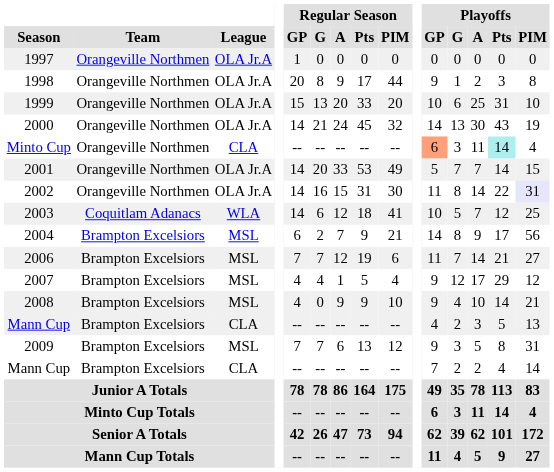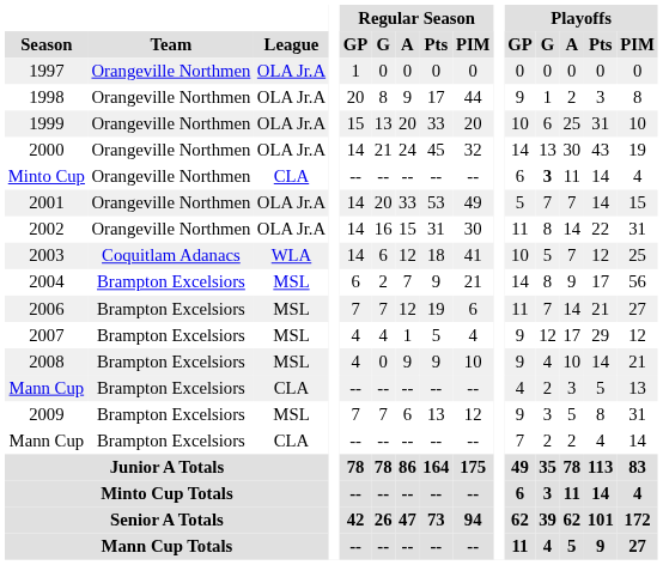 <table BORDER="0" CELLPADDING="3" CELLSPACING="0">
 <tr ALIGN="center" bgcolor="#e0e0e0">
 <th colspan="3" bgcolor="#ffffff"> </th>
 <th rowspan="99" bgcolor="#ffffff"> </th>
 <th colspan="5">Regular Season</th>
 <th rowspan="99" bgcolor="#ffffff"> </th>
 <th colspan="5">Playoffs</th>
 </tr>
 <tr ALIGN="center" bgcolor="#e0e0e0">
 <th>Season</th>
 <th>Team</th>
 <th>League</th>
 <th>GP</th>
 <th>G</th>
 <th>A</th>
 <th>Pts</th>
 <th>PIM</th>
 <th>GP</th>
 <th>G</th>
 <th>A</th>
 <th>Pts</th>
 <th>PIM</th>
 </tr>
 <tr ALIGN="center" bgcolor="#f0f0f0">
 <td>1997</td>
 <td><a href='#'>Orangeville Northmen</a></td>
 <td><a href='#'>OLA Jr.A</a></td>
 <td>1</td>
 <td>0</td>
 <td>0</td>
 <td>0</td>
 <td>0</td>
 <td>0</td>
 <td>0</td>
 <td>0</td>
 <td>0</td>
 <td>0</td>
 </tr>
 <tr ALIGN="center">
 <td>1998</td>
 <td>Orangeville Northmen</td>
 <td>OLA Jr.A</td>
 <td>20</td>
 <td>8</td>
 <td>9</td>
 <td>17</td>
 <td>44</td>
 <td>9</td>
 <td>1</td>
 <td>2</td>
 <td>3</td>
 <td>8</td>
 </tr>
 <tr ALIGN="center" bgcolor="#f0f0f0">
 <td>1999</td>
 <td>Orangeville Northmen</td>
 <td>OLA Jr.A</td>
 <td>15</td>
 <td>13</td>
 <td>20</td>
 <td>33</td>
 <td>20</td>
 <td>10</td>
 <td>6</td>
 <td>25</td>
 <td>31</td>
 <td>10</td>
 </tr>
 <tr ALIGN="center">
 <td>2000</td>
 <td>Orangeville Northmen</td>
 <td>OLA Jr.A</td>
 <td>14</td>
 <td>21</td>
 <td>24</td>
 <td>45</td>
 <td>32</td>
 <td>14</td>
 <td>13</td>
 <td>30</td>
 <td>43</td>
 <td>19</td>
 </tr>
 <tr ALIGN="center">
 <td><a href='#'>Minto Cup</a></td>
 <td>Orangeville Northmen</td>
 <td><a href='#'>CLA</a></td>
 <td>--</td>
 <td>--</td>
 <td>--</td>
 <td>--</td>
 <td>--</td>
-<td style="background: lightsalmon;">6</td>
-<td>3</td>
+<td>6</td>
+<td><strong>3</strong></td>
 <td>11</td>
-<td style="background: paleturquoise;">14</td>
+<td>14</td>
 <td>4</td>
 </tr>
 <tr ALIGN="center" bgcolor="#f0f0f0">
 <td>2001</td>
 <td>Orangeville Northmen</td>
 <td>OLA Jr.A</td>
 <td>14</td>
 <td>20</td>
 <td>33</td>
 <td>53</td>
 <td>49</td>
 <td>5</td>
 <td>7</td>
 <td>7</td>
 <td>14</td>
 <td>15</td>
 </tr>
 <tr ALIGN="center">
 <td>2002</td>
 <td>Orangeville Northmen</td>
 <td>OLA Jr.A</td>
 <td>14</td>
 <td>16</td>
 <td>15</td>
 <td>31</td>
 <td>30</td>
 <td>11</td>
 <td>8</td>
 <td>14</td>
 <td>22</td>
-<td style="background: lavender;">31</td>
+<td>31</td>
 </tr>
 <tr ALIGN="center" bgcolor="#f0f0f0">
 <td>2003</td>
 <td><a href='#'>Coquitlam Adanacs</a></td>
 <td><a href='#'>WLA</a></td>
 <td>14</td>
 <td>6</td>
 <td>12</td>
 <td>18</td>
 <td>41</td>
 <td>10</td>
 <td>5</td>
 <td>7</td>
 <td>12</td>
 <td>25</td>
 </tr>
 <tr ALIGN="center">
 <td>2004</td>
 <td><a href='#'>Brampton Excelsiors</a></td>
 <td><a href='#'>MSL</a></td>
 <td>6</td>
 <td>2</td>
 <td>7</td>
 <td>9</td>
 <td>21</td>
 <td>14</td>
 <td>8</td>
 <td>9</td>
 <td>17</td>
 <td>56</td>
 </tr>
 <tr ALIGN="center" bgcolor="#f0f0f0">
 <td>2006</td>
 <td>Brampton Excelsiors</td>
 <td>MSL</td>
 <td>7</td>
 <td>7</td>
 <td>12</td>
 <td>19</td>
 <td>6</td>
 <td>11</td>
 <td>7</td>
 <td>14</td>
 <td>21</td>
 <td>27</td>
 </tr>
 <tr ALIGN="center">
 <td>2007</td>
 <td>Brampton Excelsiors</td>
 <td>MSL</td>
 <td>4</td>
 <td>4</td>
 <td>1</td>
 <td>5</td>
 <td>4</td>
 <td>9</td>
 <td>12</td>
 <td>17</td>
 <td>29</td>
 <td>12</td>
 </tr>
 <tr ALIGN="center" bgcolor="#f0f0f0">
 <td>2008</td>
 <td>Brampton Excelsiors</td>
 <td>MSL</td>
 <td>4</td>
 <td>0</td>
 <td>9</td>
 <td>9</td>
 <td>10</td>
 <td>9</td>
 <td>4</td>
 <td>10</td>
 <td>14</td>
 <td>21</td>
 </tr>
 <tr ALIGN="center" bgcolor="#f0f0f0">
 <td><a href='#'>Mann Cup</a></td>
 <td>Brampton Excelsiors</td>
 <td>CLA</td>
 <td>--</td>
 <td>--</td>
 <td>--</td>
 <td>--</td>
 <td>--</td>
 <td>4</td>
 <td>2</td>
 <td>3</td>
 <td>5</td>
 <td>13</td>
 </tr>
 <tr ALIGN="center">
 <td>2009</td>
 <td>Brampton Excelsiors</td>
 <td>MSL</td>
 <td>7</td>
 <td>7</td>
 <td>6</td>
 <td>13</td>
 <td>12</td>
 <td>9</td>
 <td>3</td>
 <td>5</td>
 <td>8</td>
 <td>31</td>
 </tr>
 <tr ALIGN="center">
 <td>Mann Cup</td>
 <td>Brampton Excelsiors</td>
 <td>CLA</td>
 <td>--</td>
 <td>--</td>
 <td>--</td>
 <td>--</td>
 <td>--</td>
 <td>7</td>
 <td>2</td>
 <td>2</td>
 <td>4</td>
 <td>14</td>
 </tr>
 <tr ALIGN="center" bgcolor="#e0e0e0">
 <th colspan="3">Junior A Totals</th>
 <th>78</th>
 <th>78</th>
 <th>86</th>
 <th>164</th>
 <th>175</th>
 <th>49</th>
 <th>35</th>
 <th>78</th>
 <th>113</th>
 <th>83</th>
 </tr>
 <tr ALIGN="center" bgcolor="#e0e0e0">
 <th colspan="3">Minto Cup Totals</th>
 <th>--</th>
 <th>--</th>
 <th>--</th>
 <th>--</th>
 <th>--</th>
 <th>6</th>
 <th>3</th>
 <th>11</th>
 <th>14</th>
 <th>4</th>
 </tr>
 <tr ALIGN="center" bgcolor="#e0e0e0">
 <th colspan="3">Senior A Totals</th>
 <th>42</th>
 <th>26</th>
 <th>47</th>
 <th>73</th>
 <th>94</th>
 <th>62</th>
 <th>39</th>
 <th>62</th>
 <th>101</th>
 <th>172</th>
 </tr>
 <tr ALIGN="center" bgcolor="#e0e0e0">
 <th colspan="3">Mann Cup Totals</th>
 <th>--</th>
 <th>--</th>
 <th>--</th>
 <th>--</th>
 <th>--</th>
 <th>11</th>
 <th>4</th>
 <th>5</th>
 <th>9</th>
 <th>27</th>
 </tr>
 </table>
